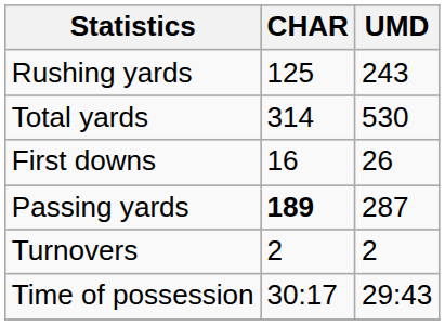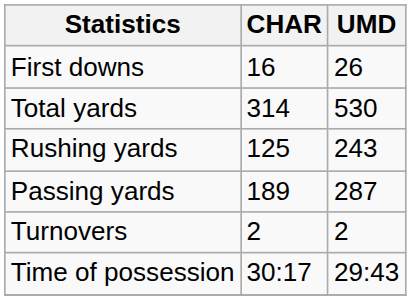 <table class="wikitable" style="float: left;">
 <tr>
 <th>Statistics</th>
 <th>CHAR</th>
 <th>UMD</th>
 </tr>
 <tr>
-<td>Rushing yards</td>
-<td>125</td>
-<td>243</td>
+<td>First downs</td>
+<td>16</td>
+<td>26</td>
 </tr>
 <tr>
 <td>Total yards</td>
 <td>314</td>
 <td>530</td>
 </tr>
 <tr>
-<td>First downs</td>
-<td>16</td>
-<td>26</td>
+<td>Rushing yards</td>
+<td>125</td>
+<td>243</td>
 </tr>
 <tr>
 <td>Passing yards</td>
-<td><strong>189</strong></td>
+<td>189</td>
 <td>287</td>
 </tr>
 <tr>
 <td>Turnovers</td>
 <td>2</td>
 <td>2</td>
 </tr>
 <tr>
 <td>Time of possession</td>
 <td>30:17</td>
 <td>29:43</td>
 </tr>
 <tr>
 </tr>
 </table>
